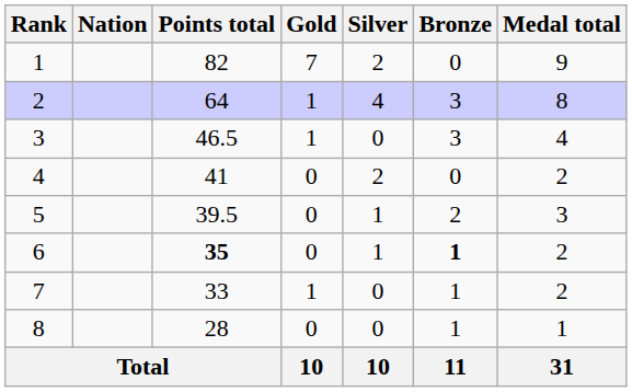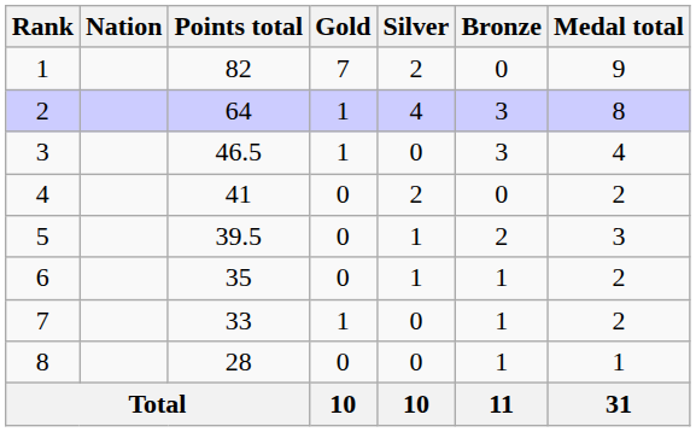 <table class=wikitable sortable style="text-align:center;">
 <tr>
 <th>Rank</th>
 <th>Nation</th>
 <th>Points total</th>
 <th>Gold</th>
 <th>Silver</th>
 <th>Bronze</th>
 <th>Medal total</th>
 </tr>
 <tr>
 <td>1</td>
 <td align=left></td>
 <td>82</td>
 <td>7</td>
 <td>2</td>
 <td>0</td>
 <td>9</td>
 </tr>
 <tr style="background-color:#ccccff">
 <td>2</td>
 <td align=left></td>
 <td>64</td>
 <td>1</td>
 <td>4</td>
 <td>3</td>
 <td>8</td>
 </tr>
 <tr>
 <td>3</td>
 <td align=left></td>
 <td>46.5</td>
 <td>1</td>
 <td>0</td>
 <td>3</td>
 <td>4</td>
 </tr>
 <tr>
 <td>4</td>
 <td align=left></td>
 <td>41</td>
 <td>0</td>
 <td>2</td>
 <td>0</td>
 <td>2</td>
 </tr>
 <tr>
 <td>5</td>
 <td align=left></td>
 <td>39.5</td>
 <td>0</td>
 <td>1</td>
 <td>2</td>
 <td>3</td>
 </tr>
 <tr>
 <td>6</td>
 <td align=left></td>
-<td><strong>35</strong></td>
+<td>35</td>
 <td>0</td>
 <td>1</td>
-<td><strong>1</strong></td>
+<td>1</td>
 <td>2</td>
 </tr>
 <tr>
 <td>7</td>
 <td align=left></td>
 <td>33</td>
 <td>1</td>
 <td>0</td>
 <td>1</td>
 <td>2</td>
 </tr>
 <tr>
 <td>8</td>
 <td align=left></td>
 <td>28</td>
 <td>0</td>
 <td>0</td>
 <td>1</td>
 <td>1</td>
 </tr>
 <tr class="sortbottom">
 <th colspan=3>Total</th>
 <th>10</th>
 <th>10</th>
 <th>11</th>
 <th>31</th>
 </tr>
 </table>
